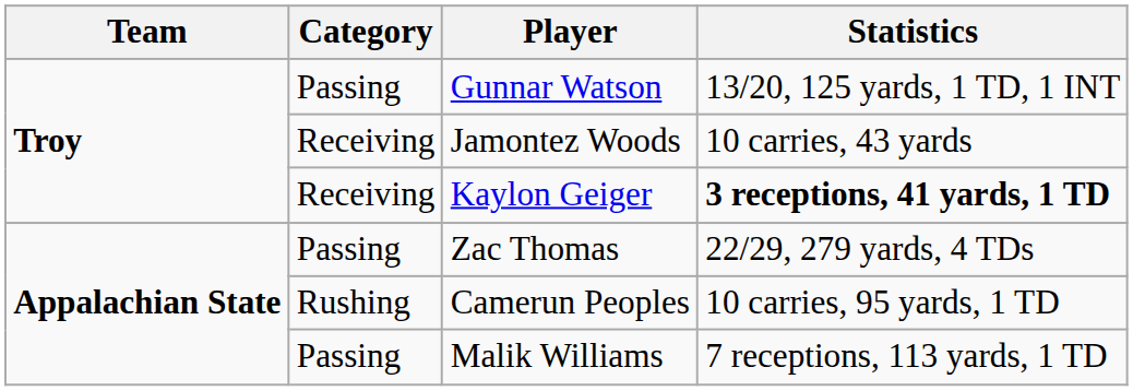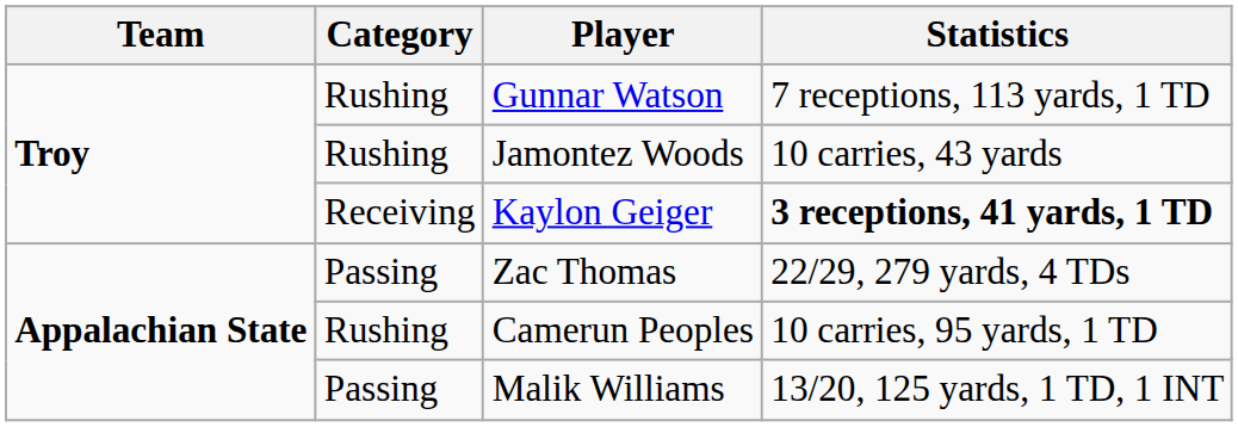 <table class="wikitable" style="float: left;">
 <tr>
 <th>Team</th>
 <th>Category</th>
 <th>Player</th>
 <th>Statistics</th>
 </tr>
 <tr>
 <td rowspan=3><strong>Troy</strong></td>
-<td>Passing</td>
+<td>Rushing</td>
 <td><a href='#'>Gunnar Watson</a></td>
-<td>13/20, 125 yards, 1 TD, 1 INT</td>
+<td>7 receptions, 113 yards, 1 TD</td>
 </tr>
 <tr>
-<td>Receiving</td>
+<td>Rushing</td>
 <td>Jamontez Woods</td>
 <td>10 carries, 43 yards</td>
 </tr>
 <tr>
 <td>Receiving</td>
 <td><a href='#'>Kaylon Geiger</a></td>
 <td><strong>3 receptions, 41 yards, 1 TD</strong></td>
 </tr>
 <tr>
 <td rowspan=3><strong>Appalachian State</strong></td>
 <td>Passing</td>
 <td>Zac Thomas</td>
 <td>22/29, 279 yards, 4 TDs</td>
 </tr>
 <tr>
 <td>Rushing</td>
 <td>Camerun Peoples</td>
 <td>10 carries, 95 yards, 1 TD</td>
 </tr>
 <tr>
 <td>Passing</td>
 <td>Malik Williams</td>
-<td>7 receptions, 113 yards, 1 TD</td>
+<td>13/20, 125 yards, 1 TD, 1 INT</td>
 </tr>
 </table>
